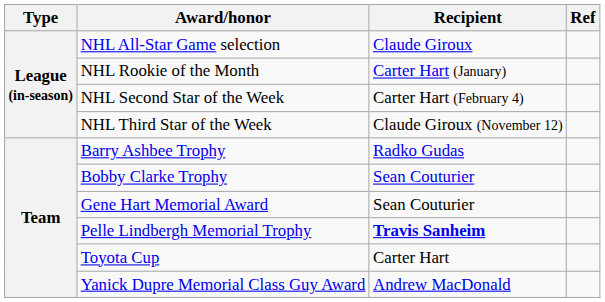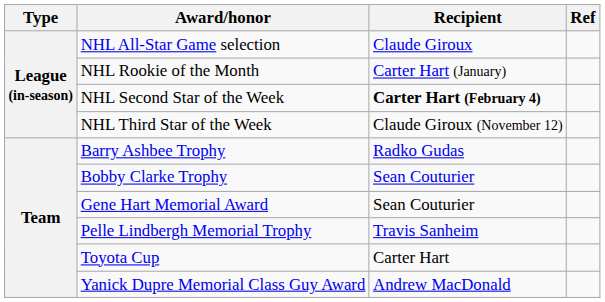 <table class="wikitable">
 <tr>
 <th scope="col">Type</th>
 <th scope="col">Award/honor</th>
 <th scope="col">Recipient</th>
 <th scope="col">Ref</th>
 </tr>
 <tr>
 <th scope="row" rowspan="4">League<br><small>(in-season)</small></th>
 <td><a href='#'>NHL All-Star Game</a> selection</td>
 <td><a href='#'>Claude Giroux</a></td>
 <td></td>
 </tr>
 <tr>
 <td>NHL Rookie of the Month</td>
 <td><a href='#'>Carter Hart</a> <small>(January)</small></td>
 <td></td>
 </tr>
 <tr>
 <td>NHL Second Star of the Week</td>
-<td>Carter Hart <small>(February 4)</small></td>
+<td><strong>Carter Hart <small>(February 4)</small></strong></td>
 <td></td>
 </tr>
 <tr>
 <td>NHL Third Star of the Week</td>
 <td>Claude Giroux <small>(November 12)</small></td>
 <td></td>
 </tr>
 <tr>
 <th scope="row" rowspan="6">Team</th>
 <td><a href='#'>Barry Ashbee Trophy</a></td>
 <td><a href='#'>Radko Gudas</a></td>
 <td></td>
 </tr>
 <tr>
 <td><a href='#'>Bobby Clarke Trophy</a></td>
 <td><a href='#'>Sean Couturier</a></td>
 <td></td>
 </tr>
 <tr>
 <td><a href='#'>Gene Hart Memorial Award</a></td>
 <td>Sean Couturier</td>
 <td></td>
 </tr>
 <tr>
 <td><a href='#'>Pelle Lindbergh Memorial Trophy</a></td>
-<td><strong><a href='#'>Travis Sanheim</a></strong></td>
+<td><a href='#'>Travis Sanheim</a></td>
 <td></td>
 </tr>
 <tr>
 <td><a href='#'>Toyota Cup</a></td>
 <td>Carter Hart</td>
 <td></td>
 </tr>
 <tr>
 <td><a href='#'>Yanick Dupre Memorial Class Guy Award</a></td>
 <td><a href='#'>Andrew MacDonald</a></td>
 <td></td>
 </tr>
 </table>
